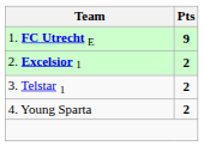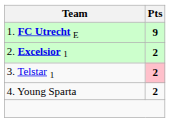 <table class="wikitable" style="text-align:center; float:left; margin-right:1em;">
 <tr>
 <th style="width:200px">Team</th>
 <th width=20>Pts</th>
 </tr>
 <tr bgcolor=ccffcc>
 <td align=left>1. <strong><a href='#'>FC Utrecht</a></strong> <sub>E</sub></td>
 <td><strong>9</strong></td>
 </tr>
 <tr bgcolor=ccffcc>
 <td align=left>2. <strong><a href='#'>Excelsior</a></strong> <sub>1</sub></td>
 <td><strong>2</strong></td>
 </tr>
 <tr>
 <td align=left>3. <a href='#'>Telstar</a> <sub>1</sub></td>
-<td><strong>2</strong></td>
+<td style="background: pink;"><strong>2</strong></td>
 </tr>
 <tr>
 <td align=left>4. Young Sparta</td>
 <td><strong>2</strong></td>
 </tr>
 <tr>
 <td colspan=2> </td>
 </tr>
 </table>
